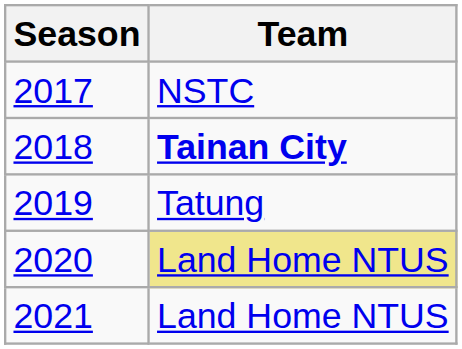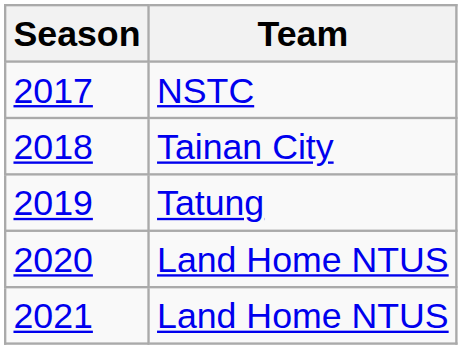 <table class="wikitable" style="font-size:95%;">
 <tr>
 <th>Season</th>
 <th>Team</th>
 </tr>
 <tr>
 <td><a href='#'>2017</a></td>
 <td><a href='#'>NSTC</a></td>
 </tr>
 <tr>
 <td><a href='#'>2018</a></td>
-<td><strong><a href='#'>Tainan City</a></strong></td>
+<td><a href='#'>Tainan City</a></td>
 </tr>
 <tr>
 <td><a href='#'>2019</a></td>
 <td><a href='#'>Tatung</a></td>
 </tr>
 <tr>
 <td><a href='#'>2020</a></td>
-<td style="background: khaki;"><a href='#'>Land Home NTUS</a></td>
+<td><a href='#'>Land Home NTUS</a></td>
 </tr>
 <tr>
 <td><a href='#'>2021</a></td>
 <td><a href='#'>Land Home NTUS</a></td>
 </tr>
 </table>
